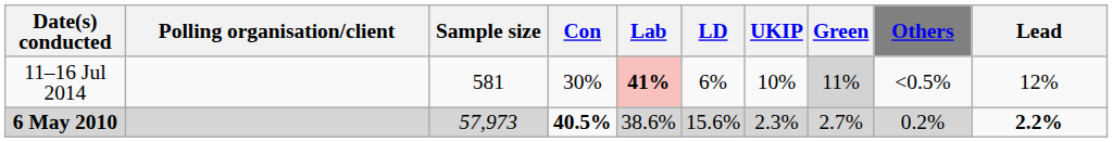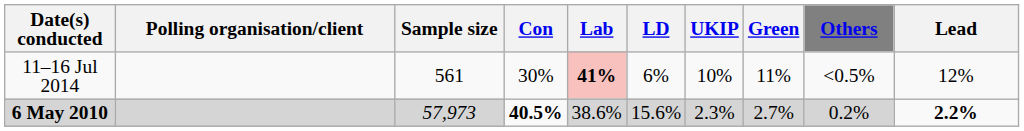 <table class="wikitable sortable" style="text-align:center;font-size:90%;line-height:14px">
 <tr>
 <th ! style="width:75px;">Date(s)<br>conducted</th>
 <th style="width:200px;">Polling organisation/client</th>
 <th class="unsortable" style="width:75px;">Sample size</th>
 <th class="unsortable" style="background:"><a href='#'><span>Con</span></a></th>
 <th class="unsortable" style="background:"><a href='#'><span>Lab</span></a></th>
 <th class="unsortable" style="background:"><a href='#'><span>LD</span></a></th>
 <th class="unsortable" style="background:"><a href='#'><span>UKIP</span></a></th>
 <th class="unsortable" style="background:"><a href='#'><span>Green</span></a></th>
 <th class="unsortable" style="background:gray; width:60px;"><a href='#'><span>Others</span></a></th>
 <th class="unsortable" style="width:85px;">Lead</th>
 </tr>
 <tr>
 <td>11–16 Jul 2014</td>
 <td></td>
-<td>581</td>
+<td>561</td>
 <td>30%</td>
 <td style="background:#F8C1BE"><strong>41%</strong></td>
 <td>6%</td>
 <td>10%</td>
-<td style="background: lightgrey;">11%</td>
+<td>11%</td>
 <td><0.5%</td>
 <td style="background:">12%</td>
 </tr>
 <tr>
 <td style="background:#D5D5D5"><strong>6 May 2010</strong></td>
 <td style="background:#D5D5D5"></td>
 <td style="background:#D5D5D5"><em>57,973</em></td>
 <td style="background:"><strong>40.5%</strong></td>
 <td style="background:#D5D5D5">38.6%</td>
 <td style="background:#D5D5D5">15.6%</td>
 <td style="background:#D5D5D5">2.3%</td>
 <td style="background:#D5D5D5">2.7%</td>
 <td style="background:#D5D5D5">0.2%</td>
 <td style="background:"><strong>2.2% </strong></td>
 </tr>
 </table>
